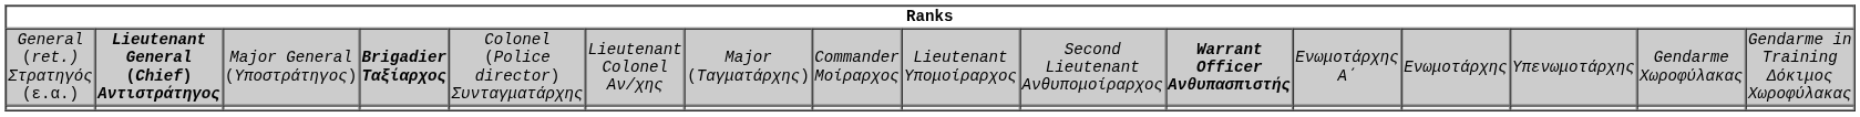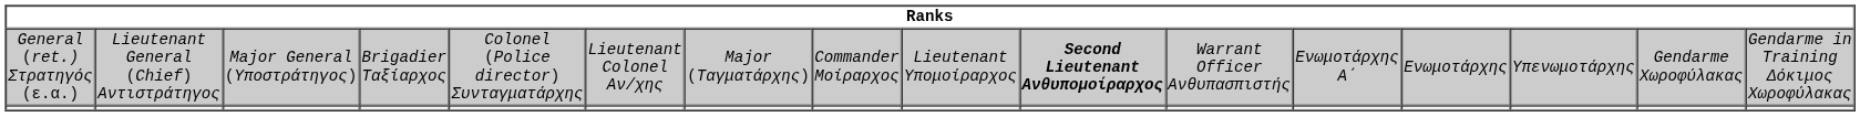 <table border="1" cellpadding="1" cellspacing="0" width="30%">
 <tr>
 <th colspan=16>Ranks</th>
 </tr>
 <tr align="center" - bgcolor="#CCCCCC">
 <td><em>General</em> (<em>ret.)</em><br><em>Στρατηγός</em> (ε.α.)</td>
-<td><strong><em>Lieutenant General</em> (<em>Chief</em>) <em>Αντιστράτηγος</em></strong></td>
+<td><em>Lieutenant General</em> (<em>Chief</em>) <em>Αντιστράτηγος</em></td>
 <td><em>Major General</em> (<em>Υποστράτηγος</em>)</td>
-<td><strong><em>Brigadier</em> <em>Ταξίαρχος</em></strong></td>
+<td><em>Brigadier</em> <em>Ταξίαρχος</em></td>
 <td><em>Colonel</em> (<em>Police director</em>) <em>Συνταγματάρχης</em></td>
 <td><em>Lieutenant Colonel</em> <em>Αν/χης</em></td>
 <td><em>Major</em> (<em>Ταγματάρχης</em>)</td>
 <td><em>Commander</em> <em>Μοίραρχος</em></td>
 <td><em>Lieutenant</em> <em>Υπομοίραρχος</em></td>
-<td><em>Second Lieutenant</em> <em>Ανθυπομοίραρχος</em></td>
-<td><strong><em>Warrant Officer</em> <em>Ανθυπασπιστής</em></strong></td>
+<td><strong><em>Second Lieutenant</em> <em>Ανθυπομοίραρχος</em></strong></td>
+<td><em>Warrant Officer</em> <em>Ανθυπασπιστής</em></td>
 <td><em>Ενωμοτάρχης Α΄</em></td>
 <td><em>Ενωμοτάρχης</em></td>
 <td><em>Υπενωμοτάρχης</em></td>
 <td><em>Gendarme</em> <em>Χωροφύλακας</em></td>
 <td><em>Gendarme in Training</em> <em>Δόκιμος Χωροφύλακας</em></td>
 </tr>
 <tr align="center" width="10%">
 <td></td>
 <td></td>
 <td></td>
 <td></td>
 <td></td>
 <td></td>
 <td></td>
 <td></td>
 <td></td>
 <td></td>
 <td></td>
 <td></td>
 <td></td>
 <td></td>
 <td></td>
 <td></td>
 </tr>
 </table>
